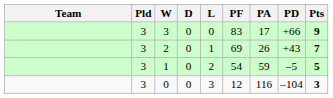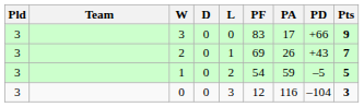 <table class="wikitable" style="text-align:center;">
 <tr>
+<th width=25 abbr="Played">Pld</th>
 <th width=175>Team</th>
-<th width=25 abbr="Played">Pld</th>
 <th width=25 abbr="Won">W</th>
 <th width=25 abbr="Drawn">D</th>
 <th width=25 abbr="Lost">L</th>
 <th width=32 abbr="Points for">PF</th>
 <th width=32 abbr="Points against">PA</th>
 <th width=32 abbr="Points difference">PD</th>
 <th width=25 abbr="Points">Pts</th>
 </tr>
 <tr bgcolor=ccffcc>
+<td>3</td>
 <td align=left></td>
-<td>3</td>
 <td>3</td>
 <td>0</td>
 <td>0</td>
 <td>83</td>
 <td>17</td>
 <td>+66</td>
 <td><strong>9</strong></td>
 </tr>
 <tr bgcolor=ccffcc>
+<td>3</td>
 <td align=left></td>
-<td>3</td>
 <td>2</td>
 <td>0</td>
 <td>1</td>
 <td>69</td>
 <td>26</td>
 <td>+43</td>
 <td><strong>7</strong></td>
 </tr>
 <tr bgcolor=ccffcc>
+<td>3</td>
 <td align=left></td>
-<td>3</td>
 <td>1</td>
 <td>0</td>
 <td>2</td>
 <td>54</td>
 <td>59</td>
 <td>–5</td>
 <td><strong>5</strong></td>
 </tr>
 <tr>
+<td>3</td>
 <td align=left></td>
-<td>3</td>
 <td>0</td>
 <td>0</td>
 <td>3</td>
 <td>12</td>
 <td>116</td>
 <td>–104</td>
 <td><strong>3</strong></td>
 </tr>
 </table>
